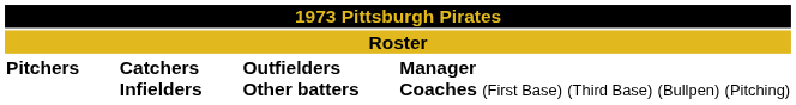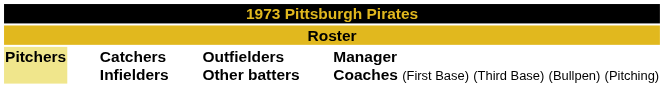 <table class="toccolours" style="font-size: 95%;">
 <tr>
 <th colspan="10" style="background-color: black; color: #e1b81e; text-align: center;">1973 Pittsburgh Pirates</th>
 </tr>
 <tr>
 <td colspan="10" style="background-color: #e1b81e; color: black; text-align: center;"><strong>Roster</strong></td>
 </tr>
 <tr>
-<td valign="top"><strong>Pitchers</strong><br>               </td>
+<td valign="top" style="background: khaki;"><strong>Pitchers</strong><br>               </td>
 <td width="25px"></td>
 <td valign="top"><strong>Catchers</strong><br>    <strong>Infielders</strong>         </td>
 <td width="25px"></td>
 <td valign="top"><strong>Outfielders</strong><br>      <strong>Other batters</strong> </td>
 <td width="25px"></td>
 <td valign="top"><strong>Manager</strong><br>  <strong>Coaches</strong> <small>(First Base)</small> <small>(Third Base)</small> <small>(Bullpen)</small> <small>(Pitching)</small></td>
 </tr>
 </table>
